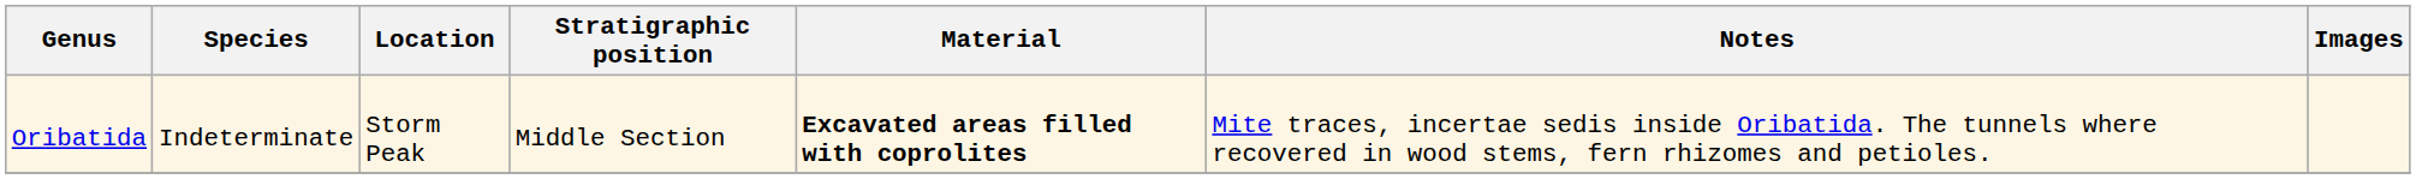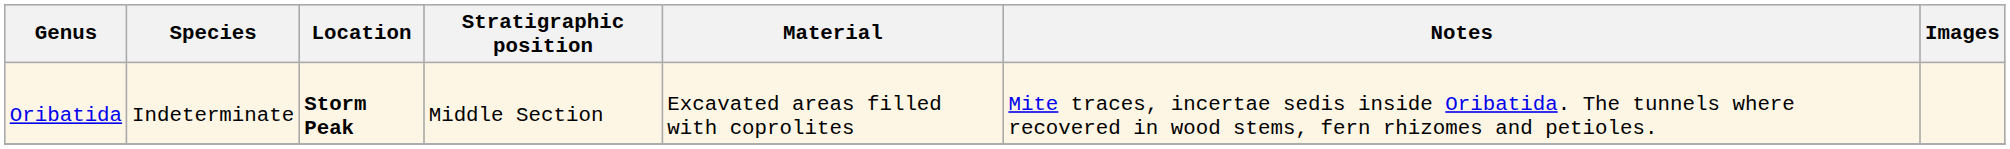 <table class="wikitable sortable">
 <tr>
 <th>Genus</th>
 <th>Species</th>
 <th>Location</th>
 <th>Stratigraphic position</th>
 <th>Material</th>
 <th>Notes</th>
 <th>Images</th>
 </tr>
 <tr>
 <td style="background:#FEF6E4;"><br><a href='#'>Oribatida</a></td>
 <td style="background:#FEF6E4;"><br>Indeterminate</td>
-<td style="background:#FEF6E4;"><br>Storm Peak</td>
+<td style="background:#FEF6E4;"><strong><br>Storm Peak</strong></td>
 <td style="background:#FEF6E4;"><br>Middle Section</td>
-<td style="background:#FEF6E4;"><strong><br>Excavated areas filled with coprolites</strong></td>
+<td style="background:#FEF6E4;"><br>Excavated areas filled with coprolites</td>
 <td style="background:#FEF6E4;"><br><a href='#'>Mite</a> traces, incertae sedis inside <a href='#'>Oribatida</a>. The tunnels where recovered in wood stems, fern rhizomes and petioles.</td>
 <td style="background:#FEF6E4;"><br></td>
 </tr>
 <tr>
 </tr>
 </table>
